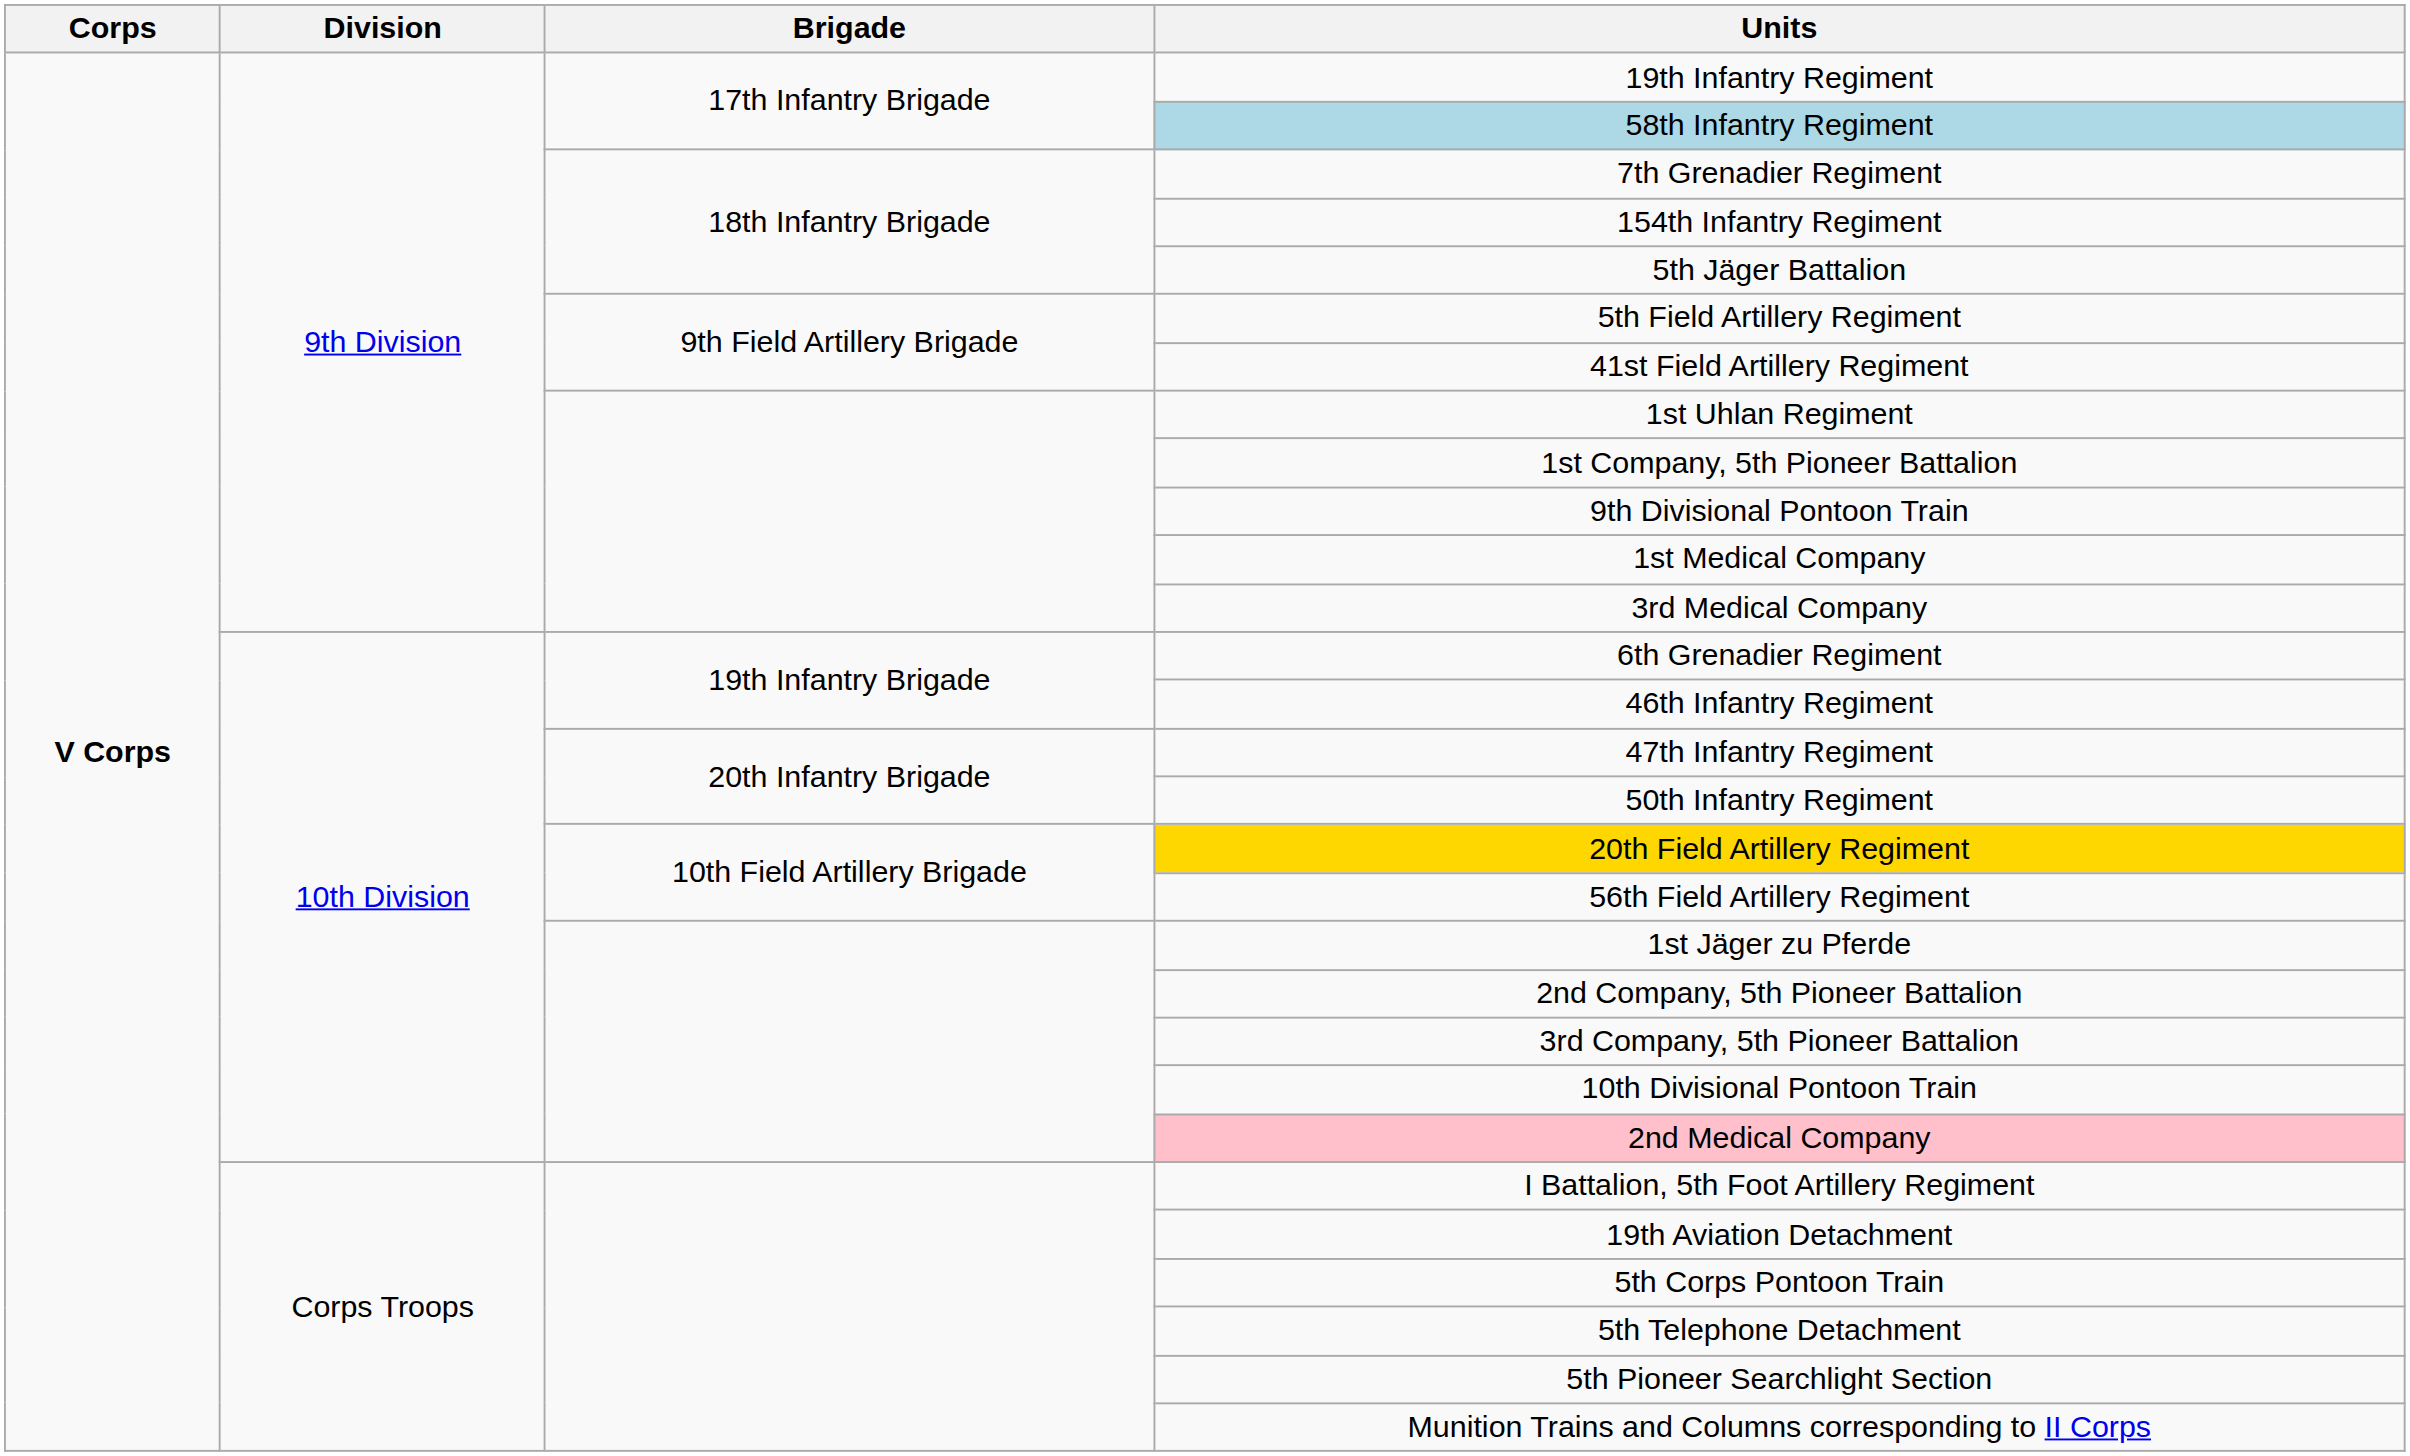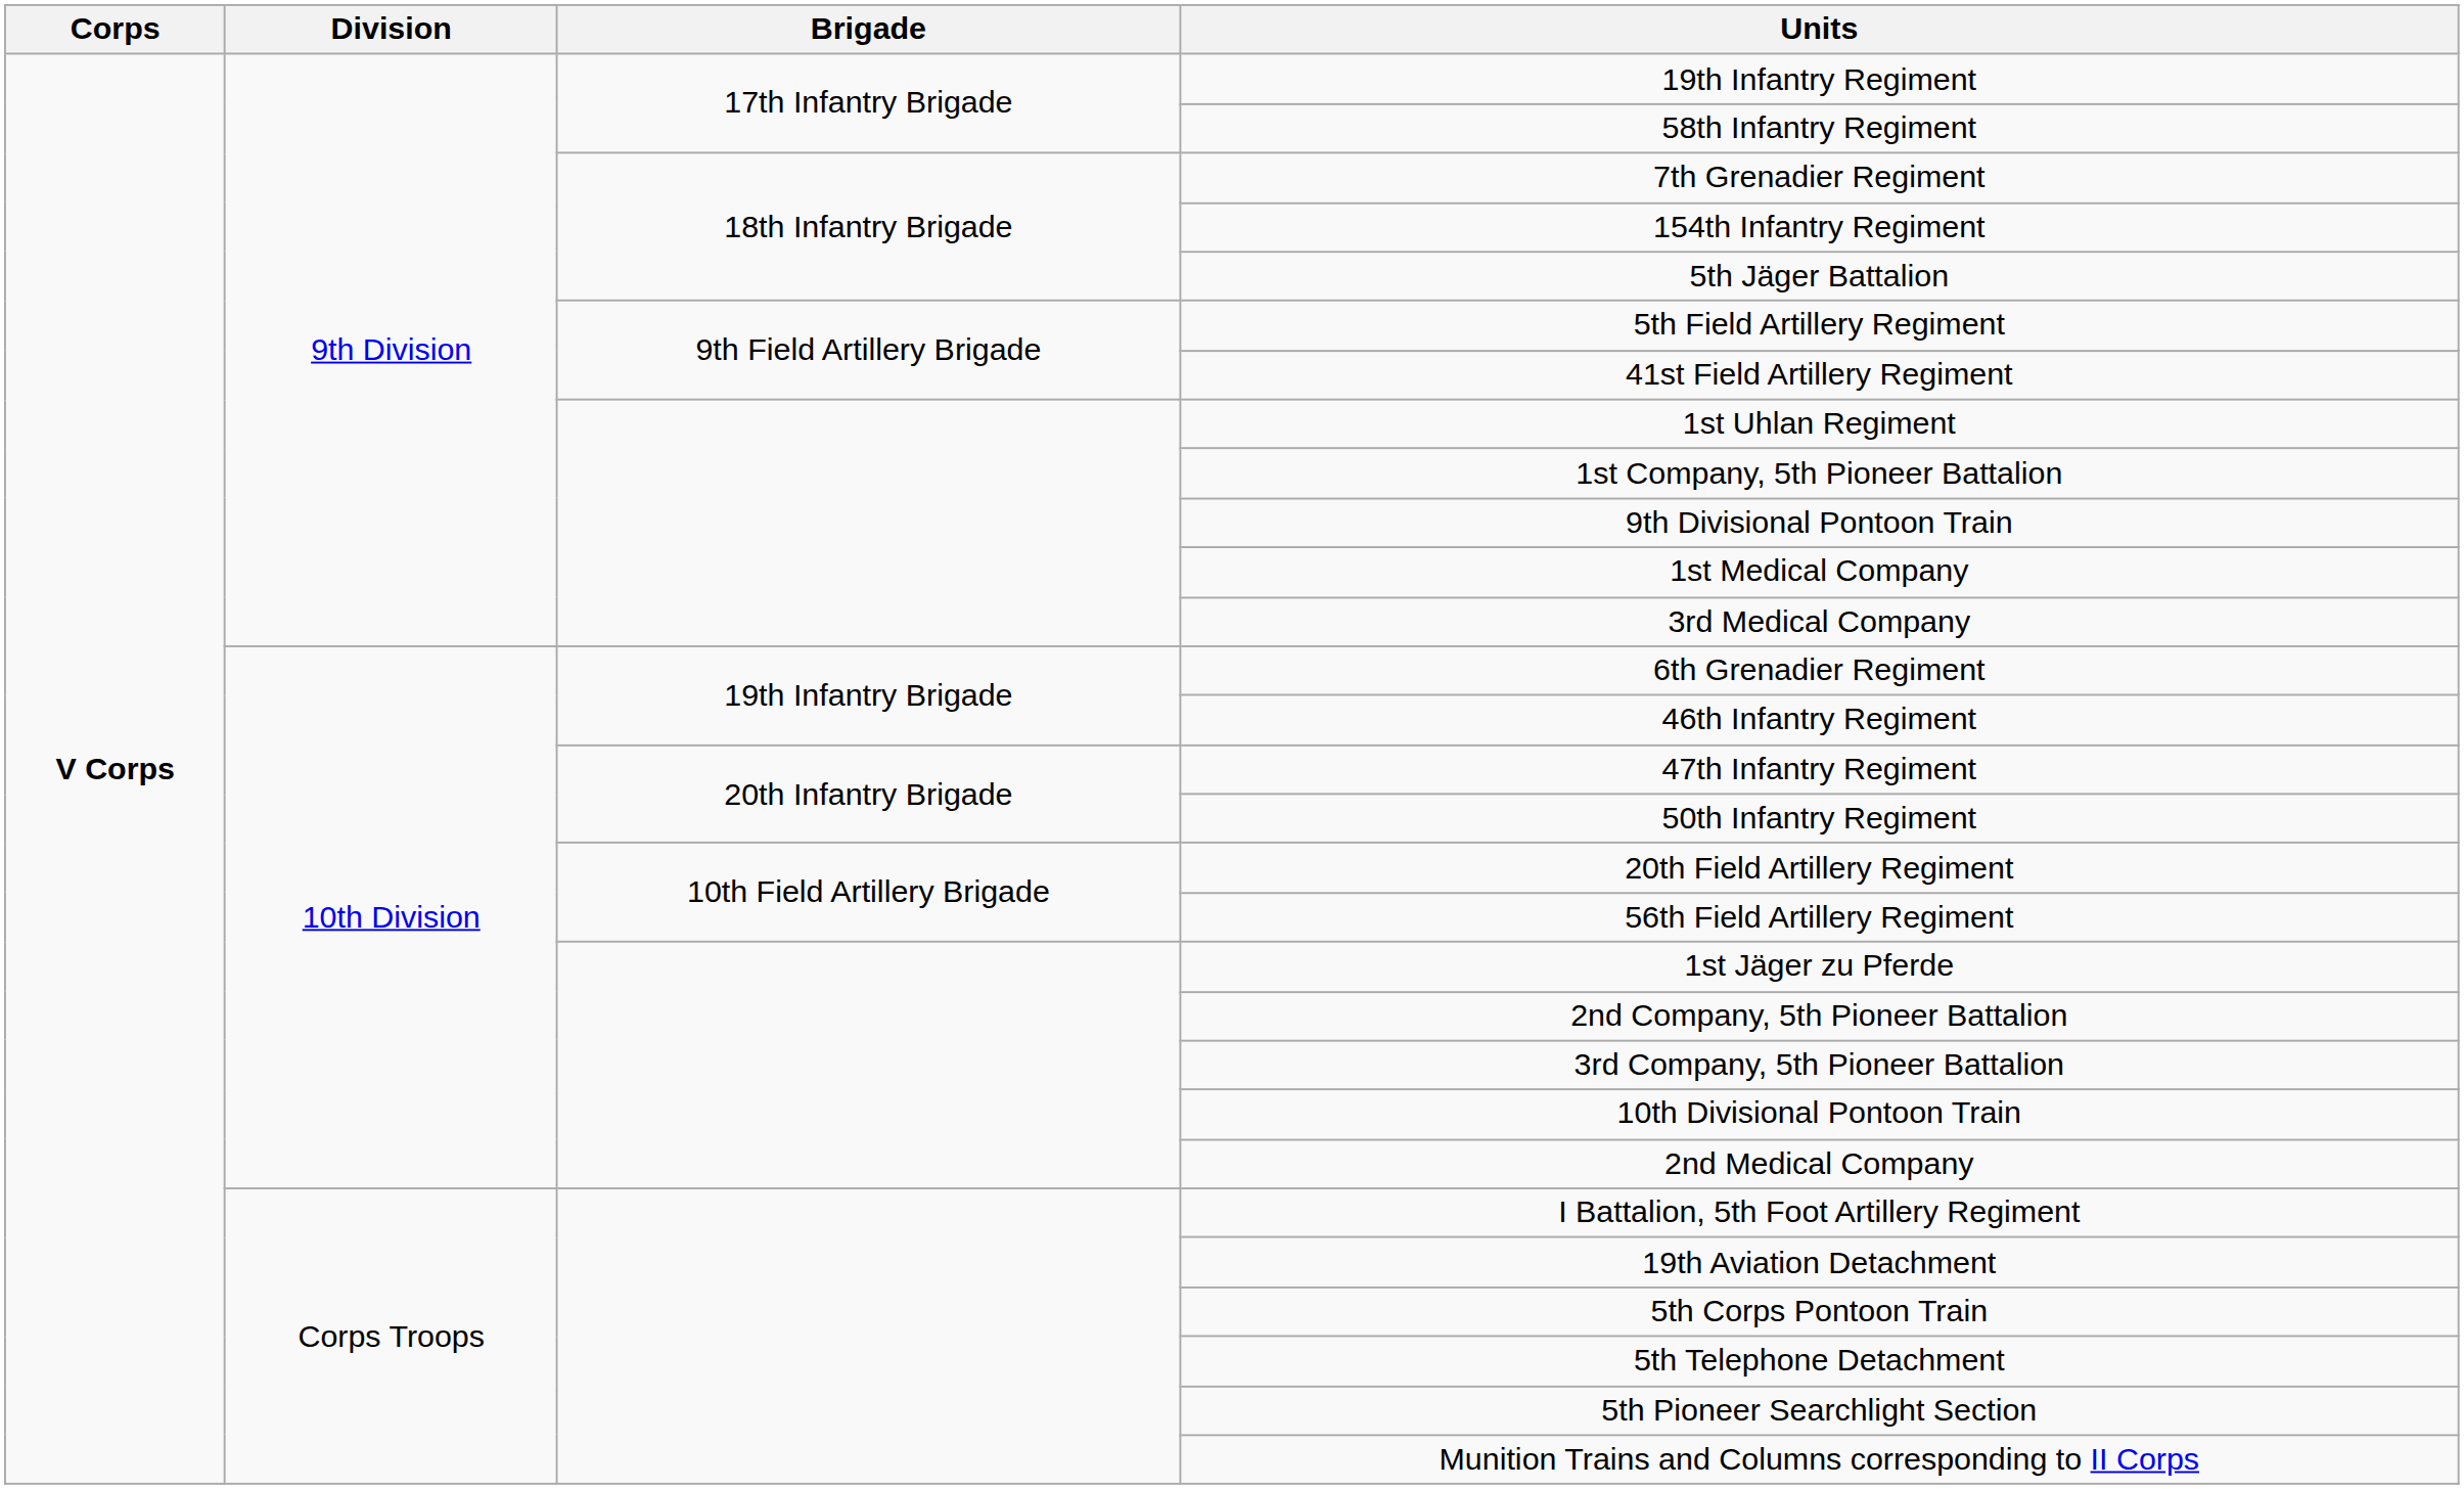 <table class="wikitable collapsible collapsed" style="text-align:center; width:100%;">
 <tr>
 <th>Corps</th>
 <th>Division</th>
 <th>Brigade</th>
 <th>Units</th>
 </tr>
 <tr>
 <td ROWSPAN=29><strong>V Corps</strong></td>
 <td ROWSPAN=12><a href='#'>9th Division</a></td>
 <td ROWSPAN=2>17th Infantry Brigade</td>
 <td>19th Infantry Regiment</td>
 </tr>
 <tr>
-<td style="background: lightblue;">58th Infantry Regiment</td>
+<td>58th Infantry Regiment</td>
 </tr>
 <tr>
 <td ROWSPAN=3>18th Infantry Brigade</td>
 <td>7th Grenadier Regiment</td>
 </tr>
 <tr>
 <td>154th Infantry Regiment</td>
 </tr>
 <tr>
 <td>5th Jäger Battalion</td>
 </tr>
 <tr>
 <td ROWSPAN=2>9th Field Artillery Brigade</td>
 <td>5th Field Artillery Regiment</td>
 </tr>
 <tr>
 <td>41st Field Artillery Regiment</td>
 </tr>
 <tr>
 <td ROWSPAN=5></td>
 <td>1st Uhlan Regiment</td>
 </tr>
 <tr>
 <td>1st Company, 5th Pioneer Battalion</td>
 </tr>
 <tr>
 <td>9th Divisional Pontoon Train</td>
 </tr>
 <tr>
 <td>1st Medical Company</td>
 </tr>
 <tr>
 <td>3rd Medical Company</td>
 </tr>
 <tr>
 <td ROWSPAN=11><a href='#'>10th Division</a></td>
 <td ROWSPAN=2>19th Infantry Brigade</td>
 <td>6th Grenadier Regiment</td>
 </tr>
 <tr>
 <td>46th Infantry Regiment</td>
 </tr>
 <tr>
 <td ROWSPAN=2>20th Infantry Brigade</td>
 <td>47th Infantry Regiment</td>
 </tr>
 <tr>
 <td>50th Infantry Regiment</td>
 </tr>
 <tr>
 <td ROWSPAN=2>10th Field Artillery Brigade</td>
-<td style="background: gold;">20th Field Artillery Regiment</td>
+<td>20th Field Artillery Regiment</td>
 </tr>
 <tr>
 <td>56th Field Artillery Regiment</td>
 </tr>
 <tr>
 <td ROWSPAN=5></td>
 <td>1st Jäger zu Pferde</td>
 </tr>
 <tr>
 <td>2nd Company, 5th Pioneer Battalion</td>
 </tr>
 <tr>
 <td>3rd Company, 5th Pioneer Battalion</td>
 </tr>
 <tr>
 <td>10th Divisional Pontoon Train</td>
 </tr>
 <tr>
-<td style="background: pink;">2nd Medical Company</td>
+<td>2nd Medical Company</td>
 </tr>
 <tr>
 <td ROWSPAN=6>Corps Troops</td>
 <td ROWSPAN=6></td>
 <td>I Battalion, 5th Foot Artillery Regiment</td>
 </tr>
 <tr>
 <td>19th Aviation Detachment</td>
 </tr>
 <tr>
 <td>5th Corps Pontoon Train</td>
 </tr>
 <tr>
 <td>5th Telephone Detachment</td>
 </tr>
 <tr>
 <td>5th Pioneer Searchlight Section</td>
 </tr>
 <tr>
 <td>Munition Trains and Columns corresponding to <a href='#'>II Corps</a></td>
 </tr>
 </table>
